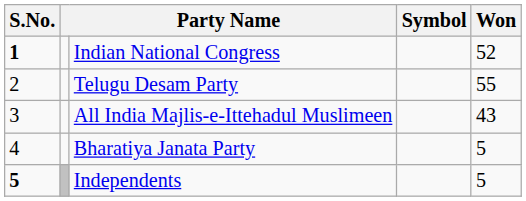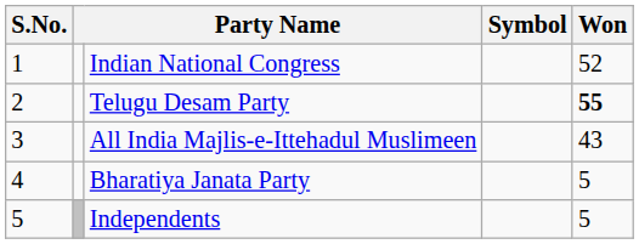 <table CLASS="sortable wikitable">
 <tr>
 <th>S.No.</th>
 <th colspan=2>Party Name</th>
 <th>Symbol</th>
 <th>Won</th>
 </tr>
 <tr>
-<td><strong>1</strong></td>
+<td>1</td>
 <td></td>
 <td><a href='#'>Indian National Congress</a></td>
 <td></td>
 <td>52</td>
 </tr>
 <tr>
 <td>2</td>
 <td></td>
 <td><a href='#'>Telugu Desam Party</a></td>
 <td></td>
-<td>55</td>
+<td><strong>55</strong></td>
 </tr>
 <tr>
 <td>3</td>
 <td></td>
 <td><a href='#'>All India Majlis-e-Ittehadul Muslimeen</a></td>
 <td></td>
 <td>43</td>
 </tr>
 <tr>
 <td>4</td>
 <td></td>
 <td><a href='#'>Bharatiya Janata Party</a></td>
 <td></td>
 <td>5</td>
 </tr>
 <tr>
-<td><strong>5</strong></td>
+<td>5</td>
 <td bgcolor=#C1C1C1></td>
 <td><a href='#'>Independents</a></td>
 <td></td>
 <td>5</td>
 </tr>
 </table>
